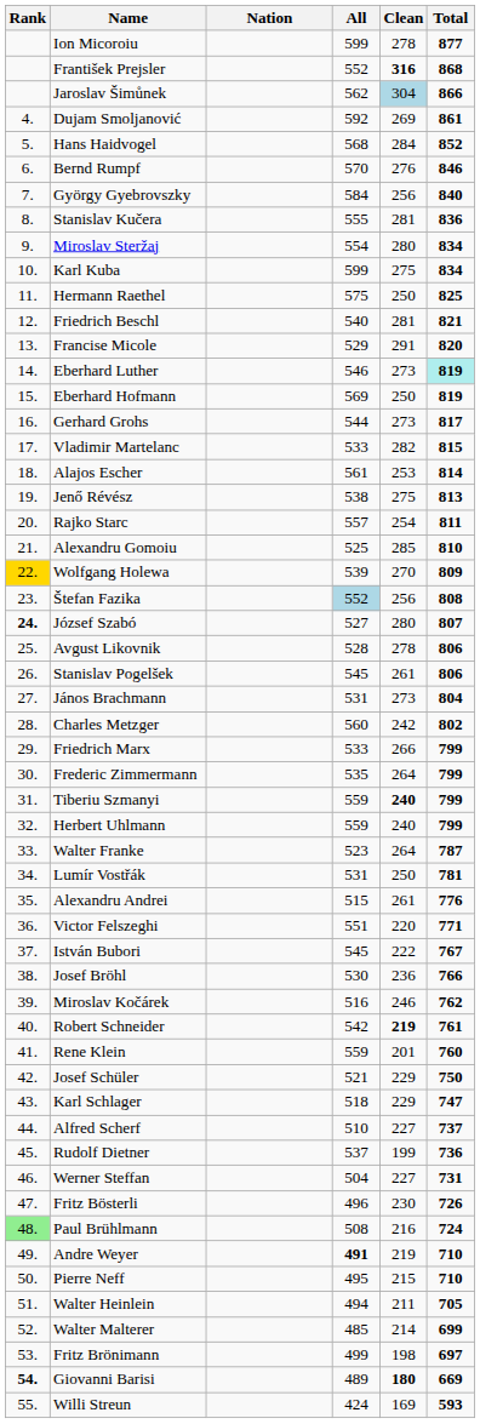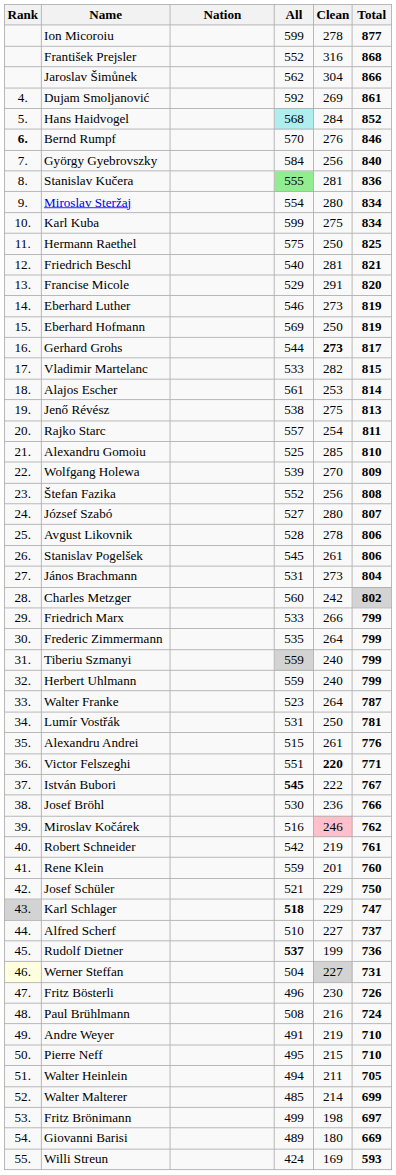 <table class="wikitable sortable" style="text-align:center">
 <tr>
 <th>Rank</th>
 <th width=150>Name</th>
 <th width=120>Nation</th>
 <th width=40>All</th>
 <th width=40>Clean</th>
 <th width=40>Total</th>
 </tr>
 <tr>
 <td></td>
 <td align="left">Ion Micoroiu</td>
 <td align="left"></td>
 <td>599</td>
 <td>278</td>
 <td><strong>877</strong></td>
 </tr>
 <tr>
 <td></td>
 <td align="left">František Prejsler</td>
 <td align="left"></td>
 <td>552</td>
-<td><strong>316</strong></td>
+<td>316</td>
 <td><strong>868</strong></td>
 </tr>
 <tr>
 <td></td>
 <td align="left">Jaroslav Šimůnek</td>
 <td align="left"></td>
 <td>562</td>
-<td style="background: lightblue;">304</td>
+<td>304</td>
 <td><strong>866</strong></td>
 </tr>
 <tr>
 <td>4.</td>
 <td align="left">Dujam Smoljanović</td>
 <td align="left"></td>
 <td>592</td>
 <td>269</td>
 <td><strong>861</strong></td>
 </tr>
 <tr>
 <td>5.</td>
 <td align="left">Hans Haidvogel</td>
 <td align="left"></td>
-<td>568</td>
+<td style="background: paleturquoise;">568</td>
 <td>284</td>
 <td><strong>852</strong></td>
 </tr>
 <tr>
-<td>6.</td>
+<td><strong>6.</strong></td>
 <td align="left">Bernd Rumpf</td>
 <td align="left"></td>
 <td>570</td>
 <td>276</td>
 <td><strong>846</strong></td>
 </tr>
 <tr>
 <td>7.</td>
 <td align="left">György Gyebrovszky</td>
 <td align="left"></td>
 <td>584</td>
 <td>256</td>
 <td><strong>840</strong></td>
 </tr>
 <tr>
 <td>8.</td>
 <td align="left">Stanislav Kučera</td>
 <td align="left"></td>
-<td>555</td>
+<td style="background: lightgreen;">555</td>
 <td>281</td>
 <td><strong>836</strong></td>
 </tr>
 <tr>
 <td>9.</td>
 <td align="left"><a href='#'>Miroslav Steržaj</a></td>
 <td align="left"></td>
 <td>554</td>
 <td>280</td>
 <td><strong>834</strong></td>
 </tr>
 <tr>
 <td>10.</td>
 <td align="left">Karl Kuba</td>
 <td align="left"></td>
 <td>599</td>
 <td>275</td>
 <td><strong>834</strong></td>
 </tr>
 <tr>
 <td>11.</td>
 <td align="left">Hermann Raethel</td>
 <td align="left"></td>
 <td>575</td>
 <td>250</td>
 <td><strong>825</strong></td>
 </tr>
 <tr>
 <td>12.</td>
 <td align="left">Friedrich Beschl</td>
 <td align="left"></td>
 <td>540</td>
 <td>281</td>
 <td><strong>821</strong></td>
 </tr>
 <tr>
 <td>13.</td>
 <td align="left">Francise Micole</td>
 <td align="left"></td>
 <td>529</td>
 <td>291</td>
 <td><strong>820</strong></td>
 </tr>
 <tr>
 <td>14.</td>
 <td align="left">Eberhard Luther</td>
 <td align="left"></td>
 <td>546</td>
 <td>273</td>
-<td style="background: paleturquoise;"><strong>819</strong></td>
+<td><strong>819</strong></td>
 </tr>
 <tr>
 <td>15.</td>
 <td align="left">Eberhard Hofmann</td>
 <td align="left"></td>
 <td>569</td>
 <td>250</td>
 <td><strong>819</strong></td>
 </tr>
 <tr>
 <td>16.</td>
 <td align="left">Gerhard Grohs</td>
 <td align="left"></td>
 <td>544</td>
-<td>273</td>
+<td><strong>273</strong></td>
 <td><strong>817</strong></td>
 </tr>
 <tr>
 <td>17.</td>
 <td align="left">Vladimir Martelanc</td>
 <td align="left"></td>
 <td>533</td>
 <td>282</td>
 <td><strong>815</strong></td>
 </tr>
 <tr>
 <td>18.</td>
 <td align="left">Alajos Escher</td>
 <td align="left"></td>
 <td>561</td>
 <td>253</td>
 <td><strong>814</strong></td>
 </tr>
 <tr>
 <td>19.</td>
 <td align="left">Jenő Révész</td>
 <td align="left"></td>
 <td>538</td>
 <td>275</td>
 <td><strong>813</strong></td>
 </tr>
 <tr>
 <td>20.</td>
 <td align="left">Rajko Starc</td>
 <td align="left"></td>
 <td>557</td>
 <td>254</td>
 <td><strong>811</strong></td>
 </tr>
 <tr>
 <td>21.</td>
 <td align="left">Alexandru Gomoiu</td>
 <td align="left"></td>
 <td>525</td>
 <td>285</td>
 <td><strong>810</strong></td>
 </tr>
 <tr>
-<td style="background: gold;">22.</td>
+<td>22.</td>
 <td align="left">Wolfgang Holewa</td>
 <td align="left"></td>
 <td>539</td>
 <td>270</td>
 <td><strong>809</strong></td>
 </tr>
 <tr>
 <td>23.</td>
 <td align="left">Štefan Fazika</td>
 <td align="left"></td>
-<td style="background: lightblue;">552</td>
+<td>552</td>
 <td>256</td>
 <td><strong>808</strong></td>
 </tr>
 <tr>
-<td><strong>24.</strong></td>
+<td>24.</td>
 <td align="left">József Szabó</td>
 <td align="left"></td>
 <td>527</td>
 <td>280</td>
 <td><strong>807</strong></td>
 </tr>
 <tr>
 <td>25.</td>
 <td align="left">Avgust Likovnik</td>
 <td align="left"></td>
 <td>528</td>
 <td>278</td>
 <td><strong>806</strong></td>
 </tr>
 <tr>
 <td>26.</td>
 <td align="left">Stanislav Pogelšek</td>
 <td align="left"></td>
 <td>545</td>
 <td>261</td>
 <td><strong>806</strong></td>
 </tr>
 <tr>
 <td>27.</td>
 <td align="left">János Brachmann</td>
 <td align="left"></td>
 <td>531</td>
 <td>273</td>
 <td><strong>804</strong></td>
 </tr>
 <tr>
 <td>28.</td>
 <td align="left">Charles Metzger</td>
 <td align="left"></td>
 <td>560</td>
 <td>242</td>
-<td><strong>802</strong></td>
+<td style="background: lightgrey;"><strong>802</strong></td>
 </tr>
 <tr>
 <td>29.</td>
 <td align="left">Friedrich Marx</td>
 <td align="left"></td>
 <td>533</td>
 <td>266</td>
 <td><strong>799</strong></td>
 </tr>
 <tr>
 <td>30.</td>
 <td align="left">Frederic Zimmermann</td>
 <td align="left"></td>
 <td>535</td>
 <td>264</td>
 <td><strong>799</strong></td>
 </tr>
 <tr>
 <td>31.</td>
 <td align="left">Tiberiu Szmanyi</td>
 <td align="left"></td>
-<td>559</td>
-<td><strong>240</strong></td>
+<td style="background: lightgrey;">559</td>
+<td>240</td>
 <td><strong>799</strong></td>
 </tr>
 <tr>
 <td>32.</td>
 <td align="left">Herbert Uhlmann</td>
 <td align="left"></td>
 <td>559</td>
 <td>240</td>
 <td><strong>799</strong></td>
 </tr>
 <tr>
 <td>33.</td>
 <td align="left">Walter Franke</td>
 <td align="left"></td>
 <td>523</td>
 <td>264</td>
 <td><strong>787</strong></td>
 </tr>
 <tr>
 <td>34.</td>
 <td align="left">Lumír Vostřák</td>
 <td align="left"></td>
 <td>531</td>
 <td>250</td>
 <td><strong>781</strong></td>
 </tr>
 <tr>
 <td>35.</td>
 <td align="left">Alexandru Andrei</td>
 <td align="left"></td>
 <td>515</td>
 <td>261</td>
 <td><strong>776</strong></td>
 </tr>
 <tr>
 <td>36.</td>
 <td align="left">Victor Felszeghi</td>
 <td align="left"></td>
 <td>551</td>
-<td>220</td>
+<td><strong>220</strong></td>
 <td><strong>771</strong></td>
 </tr>
 <tr>
 <td>37.</td>
 <td align="left">István Bubori</td>
 <td align="left"></td>
-<td>545</td>
+<td><strong>545</strong></td>
 <td>222</td>
 <td><strong>767</strong></td>
 </tr>
 <tr>
 <td>38.</td>
 <td align="left">Josef Bröhl</td>
 <td align="left"></td>
 <td>530</td>
 <td>236</td>
 <td><strong>766</strong></td>
 </tr>
 <tr>
 <td>39.</td>
 <td align="left">Miroslav Kočárek</td>
 <td align="left"></td>
 <td>516</td>
-<td>246</td>
+<td style="background: pink;">246</td>
 <td><strong>762</strong></td>
 </tr>
 <tr>
 <td>40.</td>
 <td align="left">Robert Schneider</td>
 <td align="left"></td>
 <td>542</td>
-<td><strong>219</strong></td>
+<td>219</td>
 <td><strong>761</strong></td>
 </tr>
 <tr>
 <td>41.</td>
 <td align="left">Rene Klein</td>
 <td align="left"></td>
 <td>559</td>
 <td>201</td>
 <td><strong>760</strong></td>
 </tr>
 <tr>
 <td>42.</td>
 <td align="left">Josef Schüler</td>
 <td align="left"></td>
 <td>521</td>
 <td>229</td>
 <td><strong>750</strong></td>
 </tr>
 <tr>
-<td>43.</td>
+<td style="background: lightgrey;">43.</td>
 <td align="left">Karl Schlager</td>
 <td align="left"></td>
-<td>518</td>
+<td><strong>518</strong></td>
 <td>229</td>
 <td><strong>747</strong></td>
 </tr>
 <tr>
 <td>44.</td>
 <td align="left">Alfred Scherf</td>
 <td align="left"></td>
 <td>510</td>
 <td>227</td>
 <td><strong>737</strong></td>
 </tr>
 <tr>
 <td>45.</td>
 <td align="left">Rudolf Dietner</td>
 <td align="left"></td>
-<td>537</td>
+<td><strong>537</strong></td>
 <td>199</td>
 <td><strong>736</strong></td>
 </tr>
 <tr>
-<td>46.</td>
+<td style="background: lightyellow;">46.</td>
 <td align="left">Werner Steffan</td>
 <td align="left"></td>
 <td>504</td>
-<td>227</td>
+<td style="background: lightgrey;">227</td>
 <td><strong>731</strong></td>
 </tr>
 <tr>
 <td>47.</td>
 <td align="left">Fritz Bösterli</td>
 <td align="left"></td>
 <td>496</td>
 <td>230</td>
 <td><strong>726</strong></td>
 </tr>
 <tr>
-<td style="background: lightgreen;">48.</td>
+<td>48.</td>
 <td align="left">Paul Brühlmann</td>
 <td align="left"></td>
 <td>508</td>
 <td>216</td>
 <td><strong>724</strong></td>
 </tr>
 <tr>
 <td>49.</td>
 <td align="left">Andre Weyer</td>
 <td align="left"></td>
-<td><strong>491</strong></td>
+<td>491</td>
 <td>219</td>
 <td><strong>710</strong></td>
 </tr>
 <tr>
 <td>50.</td>
 <td align="left">Pierre Neff</td>
 <td align="left"></td>
 <td>495</td>
 <td>215</td>
 <td><strong>710</strong></td>
 </tr>
 <tr>
 <td>51.</td>
 <td align="left">Walter Heinlein</td>
 <td align="left"></td>
 <td>494</td>
 <td>211</td>
 <td><strong>705</strong></td>
 </tr>
 <tr>
 <td>52.</td>
 <td align="left">Walter Malterer</td>
 <td align="left"></td>
 <td>485</td>
 <td>214</td>
 <td><strong>699</strong></td>
 </tr>
 <tr>
 <td>53.</td>
 <td align="left">Fritz Brönimann</td>
 <td align="left"></td>
 <td>499</td>
 <td>198</td>
 <td><strong>697</strong></td>
 </tr>
 <tr>
-<td><strong>54.</strong></td>
+<td>54.</td>
 <td align="left">Giovanni Barisi</td>
 <td align="left"></td>
 <td>489</td>
-<td><strong>180</strong></td>
+<td>180</td>
 <td><strong>669</strong></td>
 </tr>
 <tr>
 <td>55.</td>
 <td align="left">Willi Streun</td>
 <td align="left"></td>
 <td>424</td>
 <td>169</td>
 <td><strong>593</strong></td>
 </tr>
 </table>
